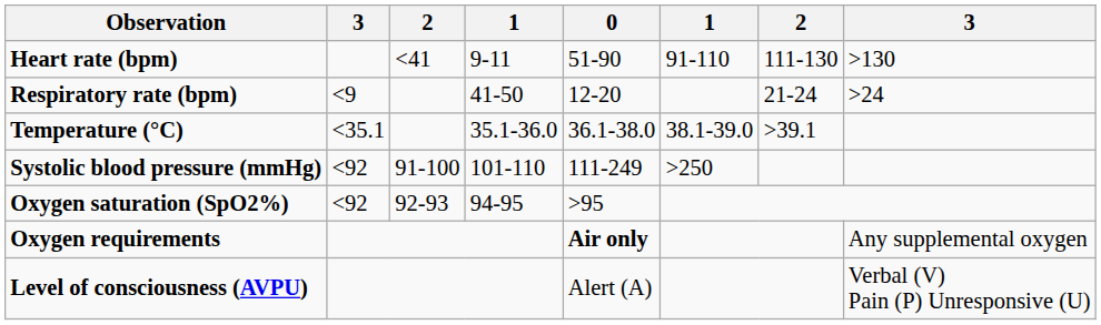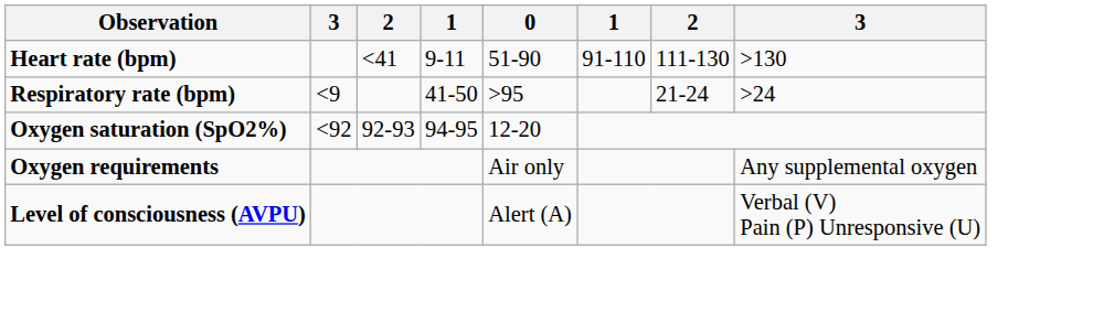 <table class="wikitable">
 <tr>
 <th>Observation</th>
 <th>3</th>
 <th>2</th>
 <th>1</th>
 <th>0</th>
 <th>1</th>
 <th>2</th>
 <th>3</th>
 </tr>
 <tr>
 <td><strong>Heart rate (bpm)</strong></td>
 <td></td>
 <td><41</td>
 <td>9-11</td>
 <td>51-90</td>
 <td>91-110</td>
 <td>111-130</td>
 <td>>130</td>
 </tr>
 <tr>
 <td><strong>Respiratory rate (bpm)</strong></td>
 <td><9</td>
 <td></td>
 <td>41-50</td>
-<td>12-20</td>
+<td>>95</td>
 <td></td>
 <td>21-24</td>
 <td>>24</td>
-</tr>
-<tr>
-<td><strong>Temperature (°C)</strong></td>
-<td><35.1</td>
-<td></td>
-<td>35.1-36.0</td>
-<td>36.1-38.0</td>
-<td>38.1-39.0</td>
-<td>>39.1</td>
-<td></td>
-</tr>
-<tr>
-<td><strong>Systolic blood pressure (mmHg)</strong></td>
-<td><92</td>
-<td>91-100</td>
-<td>101-110</td>
-<td>111-249</td>
-<td>>250</td>
-<td></td>
-<td></td>
 </tr>
 <tr>
 <td><strong>Oxygen saturation (SpO2%)</strong></td>
 <td><92</td>
 <td>92-93</td>
 <td>94-95</td>
-<td>>95</td>
+<td>12-20</td>
 <td colspan="3"></td>
 </tr>
 <tr>
 <td><strong>Oxygen requirements</strong></td>
 <td colspan="3"></td>
-<td><strong>Air only</strong></td>
+<td>Air only</td>
 <td colspan="2"></td>
 <td>Any supplemental oxygen</td>
 </tr>
 <tr>
 <td><strong>Level of consciousness (<a href='#'>AVPU</a>)</strong></td>
 <td colspan="3"></td>
 <td>Alert (A)</td>
 <td colspan="2"></td>
 <td>Verbal (V)<br>Pain (P) Unresponsive (U)</td>
 </tr>
 </table>
